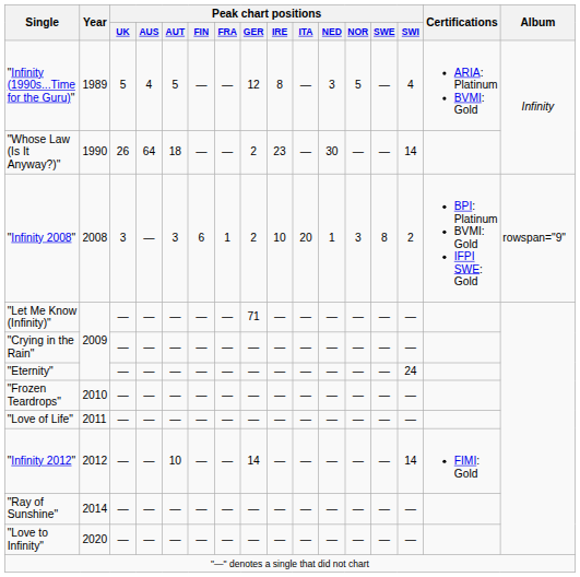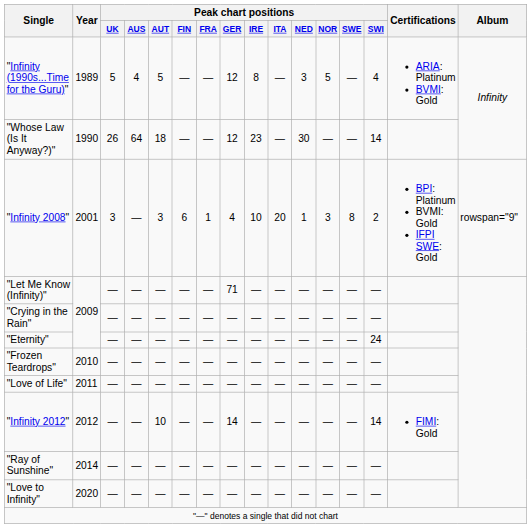 <table class="wikitable">
 <tr style="background:#efefef;">
 <th style="width:100px;" rowspan="2">Single</th>
 <th style="width:20px;" rowspan="2">Year</th>
 <th colspan="12">Peak chart positions</th>
 <th style="width:100px;" rowspan="2">Certifications</th>
 <th style="width:100px;" rowspan="2">Album</th>
 </tr>
 <tr>
 <th width="30"><small><a href='#'>UK</a></small><br></th>
 <th width="30"><small><a href='#'>AUS</a></small><br></th>
 <th width="30"><small><a href='#'>AUT</a></small><br></th>
 <th width="30"><small><a href='#'>FIN</a></small><br></th>
 <th width="30"><small><a href='#'>FRA</a></small><br></th>
 <th width="30"><small><a href='#'>GER</a></small><br></th>
 <th width="30"><small><a href='#'>IRE</a></small><br></th>
 <th width="30"><small><a href='#'>ITA</a></small><br></th>
 <th width="30"><small><a href='#'>NED</a></small><br></th>
 <th width="30"><small><a href='#'>NOR</a></small><br></th>
 <th width="30"><small><a href='#'>SWE</a></small><br></th>
 <th width="30"><small><a href='#'>SWI</a></small><br></th>
 </tr>
 <tr>
 <td scope="row">"<a href='#'>Infinity (1990s...Time for the Guru)</a>"</td>
 <td>1989</td>
 <td style="text-align:center;">5</td>
 <td style="text-align:center;">4</td>
 <td style="text-align:center;">5</td>
 <td style="text-align:center;">—</td>
 <td style="text-align:center;">—</td>
 <td style="text-align:center;">12</td>
 <td style="text-align:center;">8</td>
 <td style="text-align:center;">—</td>
 <td style="text-align:center;">3</td>
 <td style="text-align:center;">5</td>
 <td style="text-align:center;">―</td>
 <td style="text-align:center;">4</td>
 <td><br><ul><li><a href='#'>ARIA</a>: Platinum</li><li><a href='#'>BVMI</a>: Gold</li></ul></td>
 <td rowspan="2" style="text-align:center;"><em>Infinity</em></td>
 </tr>
 <tr>
 <td scope="row">"Whose Law (Is It Anyway?)"</td>
 <td>1990</td>
 <td style="text-align:center;">26</td>
 <td style="text-align:center;">64</td>
 <td style="text-align:center;">18</td>
 <td style="text-align:center;">—</td>
 <td style="text-align:center;">—</td>
-<td style="text-align:center;">2</td>
+<td style="text-align:center;">12</td>
 <td style="text-align:center;">23</td>
 <td style="text-align:center;">—</td>
 <td style="text-align:center;">30</td>
 <td style="text-align:center;">—</td>
 <td style="text-align:center;">—</td>
 <td style="text-align:center;">14</td>
 <td></td>
 </tr>
 <tr>
 <td scope="row">"<a href='#'>Infinity 2008</a>"<br></td>
-<td>2008</td>
+<td>2001</td>
 <td style="text-align:center;">3</td>
 <td style="text-align:center;">—</td>
 <td style="text-align:center;">3</td>
 <td style="text-align:center;">6</td>
 <td style="text-align:center;">1</td>
-<td style="text-align:center;">2</td>
+<td style="text-align:center;">4</td>
 <td style="text-align:center;">10</td>
 <td style="text-align:center;">20</td>
 <td style="text-align:center;">1</td>
 <td style="text-align:center;">3</td>
 <td style="text-align:center;">8</td>
 <td style="text-align:center;">2</td>
 <td><br><ul><li><a href='#'>BPI</a>: Platinum</li><li>BVMI: Gold</li><li><a href='#'>IFPI SWE</a>: Gold</li></ul></td>
 <td>rowspan="9" </td>
 </tr>
 <tr>
 <td scope="row">"Let Me Know (Infinity)"<br></td>
 <td rowspan="3">2009</td>
 <td style="text-align:center;">—</td>
 <td style="text-align:center;">—</td>
 <td style="text-align:center;">—</td>
 <td style="text-align:center;">—</td>
 <td style="text-align:center;">—</td>
 <td style="text-align:center;">71</td>
 <td style="text-align:center;">—</td>
 <td style="text-align:center;">—</td>
 <td style="text-align:center;">—</td>
 <td style="text-align:center;">—</td>
 <td style="text-align:center;">—</td>
 <td style="text-align:center;">—</td>
 <td></td>
 </tr>
 <tr>
 <td scope="row">"Crying in the Rain"<br></td>
 <td style="text-align:center;">—</td>
 <td style="text-align:center;">—</td>
 <td style="text-align:center;">—</td>
 <td style="text-align:center;">—</td>
 <td style="text-align:center;">—</td>
 <td style="text-align:center;">—</td>
 <td style="text-align:center;">—</td>
 <td style="text-align:center;">—</td>
 <td style="text-align:center;">—</td>
 <td style="text-align:center;">—</td>
 <td style="text-align:center;">—</td>
 <td style="text-align:center;">—</td>
 <td></td>
 </tr>
 <tr>
 <td scope="row">"Eternity"</td>
 <td style="text-align:center;">—</td>
 <td style="text-align:center;">—</td>
 <td style="text-align:center;">—</td>
 <td style="text-align:center;">—</td>
 <td style="text-align:center;">—</td>
 <td style="text-align:center;">—</td>
 <td style="text-align:center;">—</td>
 <td style="text-align:center;">—</td>
 <td style="text-align:center;">—</td>
 <td style="text-align:center;">—</td>
 <td style="text-align:center;">—</td>
 <td style="text-align:center;">24</td>
 <td></td>
 </tr>
 <tr>
 <td scope="row">"Frozen Teardrops"</td>
 <td>2010</td>
 <td style="text-align:center;">—</td>
 <td style="text-align:center;">—</td>
 <td style="text-align:center;">—</td>
 <td style="text-align:center;">—</td>
 <td style="text-align:center;">—</td>
 <td style="text-align:center;">—</td>
 <td style="text-align:center;">—</td>
 <td style="text-align:center;">—</td>
 <td style="text-align:center;">—</td>
 <td style="text-align:center;">—</td>
 <td style="text-align:center;">—</td>
 <td style="text-align:center;">—</td>
 <td></td>
 </tr>
 <tr>
 <td scope="row">"Love of Life"</td>
 <td>2011</td>
 <td style="text-align:center;">—</td>
 <td style="text-align:center;">—</td>
 <td style="text-align:center;">—</td>
 <td style="text-align:center;">—</td>
 <td style="text-align:center;">—</td>
 <td style="text-align:center;">—</td>
 <td style="text-align:center;">—</td>
 <td style="text-align:center;">—</td>
 <td style="text-align:center;">—</td>
 <td style="text-align:center;">—</td>
 <td style="text-align:center;">—</td>
 <td style="text-align:center;">—</td>
 <td></td>
 </tr>
 <tr>
 <td scope="row">"<a href='#'>Infinity 2012</a>"</td>
 <td>2012</td>
 <td style="text-align:center;">—</td>
 <td style="text-align:center;">—</td>
 <td style="text-align:center;">10</td>
 <td style="text-align:center;">—</td>
 <td style="text-align:center;">—</td>
 <td style="text-align:center;">14</td>
 <td style="text-align:center;">—</td>
 <td style="text-align:center;">—</td>
 <td style="text-align:center;">—</td>
 <td style="text-align:center;">—</td>
 <td style="text-align:center;">—</td>
 <td style="text-align:center;">14</td>
 <td><br><ul><li><a href='#'>FIMI</a>: Gold</li></ul></td>
 </tr>
 <tr>
 <td scope="row">"Ray of Sunshine"</td>
 <td>2014</td>
 <td style="text-align:center;">—</td>
 <td style="text-align:center;">—</td>
 <td style="text-align:center;">—</td>
 <td style="text-align:center;">—</td>
 <td style="text-align:center;">—</td>
 <td style="text-align:center;">—</td>
 <td style="text-align:center;">—</td>
 <td style="text-align:center;">—</td>
 <td style="text-align:center;">—</td>
 <td style="text-align:center;">—</td>
 <td style="text-align:center;">—</td>
 <td style="text-align:center;">—</td>
 <td></td>
 </tr>
 <tr>
 <td scope="row">"Love to Infinity"<br></td>
 <td>2020</td>
 <td style="text-align:center;">—</td>
 <td style="text-align:center;">—</td>
 <td style="text-align:center;">—</td>
 <td style="text-align:center;">—</td>
 <td style="text-align:center;">—</td>
 <td style="text-align:center;">—</td>
 <td style="text-align:center;">—</td>
 <td style="text-align:center;">—</td>
 <td style="text-align:center;">—</td>
 <td style="text-align:center;">—</td>
 <td style="text-align:center;">—</td>
 <td style="text-align:center;">—</td>
 <td></td>
 </tr>
 <tr>
 <td style="text-align:center;" colspan="17"><small>"—" denotes a single that did not chart</small></td>
 </tr>
 </table>
